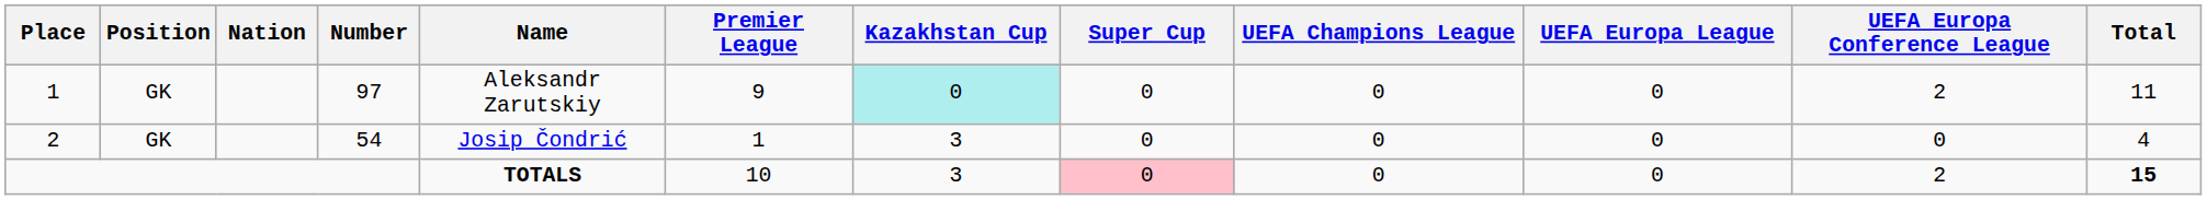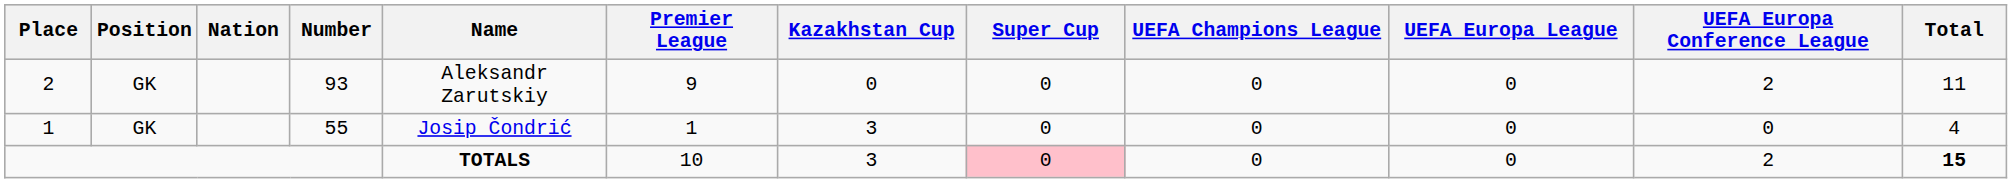 <table class="wikitable" style="font-size: 95%; text-align: center;">
 <tr>
 <th width=60>Place</th>
 <th width=60>Position</th>
 <th width=60>Nation</th>
 <th width=60>Number</th>
 <th width=200>Name</th>
 <th width=150><a href='#'>Premier League</a></th>
 <th width=150><a href='#'>Kazakhstan Cup</a></th>
 <th width=150><a href='#'>Super Cup</a></th>
 <th width=250><a href='#'>UEFA Champions League</a></th>
 <th width=250><a href='#'>UEFA Europa League</a></th>
 <th width=250><a href='#'>UEFA Europa Conference League</a></th>
 <th width=80>Total</th>
 </tr>
 <tr>
-<td>1</td>
+<td>2</td>
 <td>GK</td>
 <td></td>
-<td>97</td>
+<td>93</td>
 <td>Aleksandr Zarutskiy</td>
 <td>9</td>
-<td style="background: paleturquoise;">0</td>
+<td>0</td>
 <td>0</td>
 <td>0</td>
 <td>0</td>
 <td>2</td>
 <td>11</td>
 </tr>
 <tr>
-<td>2</td>
+<td>1</td>
 <td>GK</td>
 <td></td>
-<td>54</td>
+<td>55</td>
 <td><a href='#'>Josip Čondrić</a></td>
 <td>1</td>
 <td>3</td>
 <td>0</td>
 <td>0</td>
 <td>0</td>
 <td>0</td>
 <td>4</td>
 </tr>
 <tr>
 <td colspan="4"></td>
 <td><strong>TOTALS</strong></td>
 <td>10</td>
 <td>3</td>
 <td style="background: pink;">0</td>
 <td>0</td>
 <td>0</td>
 <td>2</td>
 <td><strong>15</strong></td>
 </tr>
 </table>
